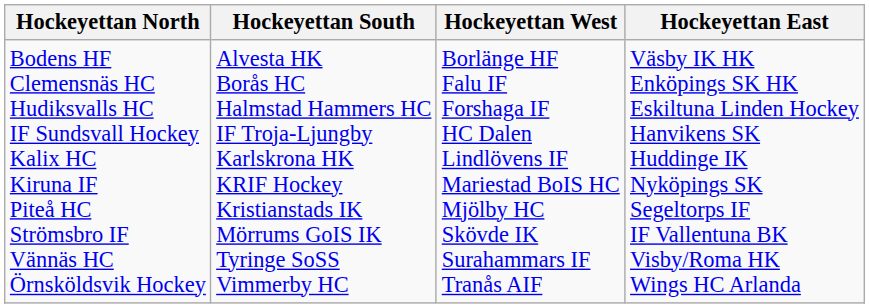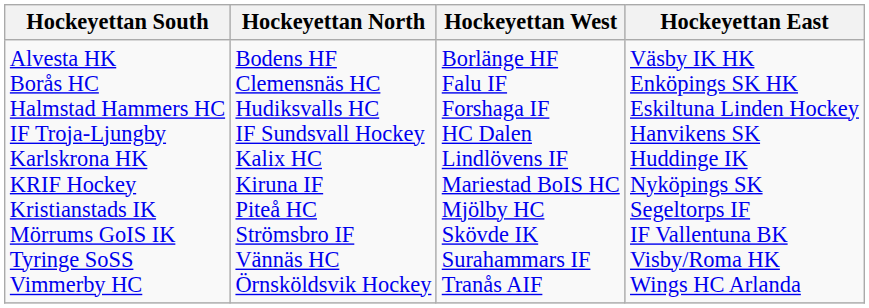 <table class="wikitable">
 <tr>
+<th>Hockeyettan South</th>
 <th>Hockeyettan North</th>
-<th>Hockeyettan South</th>
 <th>Hockeyettan West</th>
 <th>Hockeyettan East</th>
 </tr>
 <tr>
+<td valign=top><a href='#'>Alvesta HK</a> <br> <a href='#'>Borås HC</a> <br> <a href='#'>Halmstad Hammers HC</a> <br> <a href='#'>IF Troja-Ljungby</a> <br> <a href='#'>Karlskrona HK</a> <br> <a href='#'>KRIF Hockey</a> <br> <a href='#'>Kristianstads IK</a> <br> <a href='#'>Mörrums GoIS IK</a> <br> <a href='#'>Tyringe SoSS</a> <br> <a href='#'>Vimmerby HC</a></td>
 <td valign=top><a href='#'>Bodens HF</a> <br> <a href='#'>Clemensnäs HC</a> <br> <a href='#'>Hudiksvalls HC</a> <br> <a href='#'>IF Sundsvall Hockey</a> <br> <a href='#'>Kalix HC</a> <br> <a href='#'>Kiruna IF</a> <br> <a href='#'>Piteå HC</a> <br> <a href='#'>Strömsbro IF</a> <br> <a href='#'>Vännäs HC</a> <br> <a href='#'>Örnsköldsvik Hockey</a></td>
-<td valign=top><a href='#'>Alvesta HK</a> <br> <a href='#'>Borås HC</a> <br> <a href='#'>Halmstad Hammers HC</a> <br> <a href='#'>IF Troja-Ljungby</a> <br> <a href='#'>Karlskrona HK</a> <br> <a href='#'>KRIF Hockey</a> <br> <a href='#'>Kristianstads IK</a> <br> <a href='#'>Mörrums GoIS IK</a> <br> <a href='#'>Tyringe SoSS</a> <br> <a href='#'>Vimmerby HC</a></td>
 <td valign=top><a href='#'>Borlänge HF</a> <br> <a href='#'>Falu IF</a> <br> <a href='#'>Forshaga IF</a> <br> <a href='#'>HC Dalen</a> <br> <a href='#'>Lindlövens IF</a> <br> <a href='#'>Mariestad BoIS HC</a> <br> <a href='#'>Mjölby HC</a> <br> <a href='#'>Skövde IK</a> <br> <a href='#'>Surahammars IF</a> <br> <a href='#'>Tranås AIF</a></td>
 <td valign=top><a href='#'>Väsby IK HK</a> <br> <a href='#'>Enköpings SK HK</a> <br> <a href='#'>Eskiltuna Linden Hockey</a> <br> <a href='#'>Hanvikens SK</a> <br> <a href='#'>Huddinge IK</a> <br> <a href='#'>Nyköpings SK</a> <br> <a href='#'>Segeltorps IF</a> <br> <a href='#'>IF Vallentuna BK</a> <br> <a href='#'>Visby/Roma HK</a> <br> <a href='#'>Wings HC Arlanda</a></td>
 </tr>
 </table>
